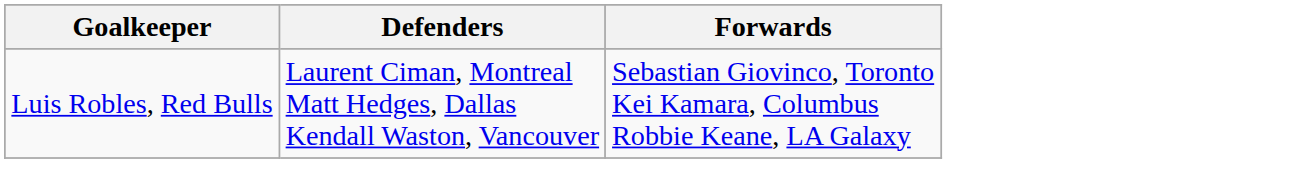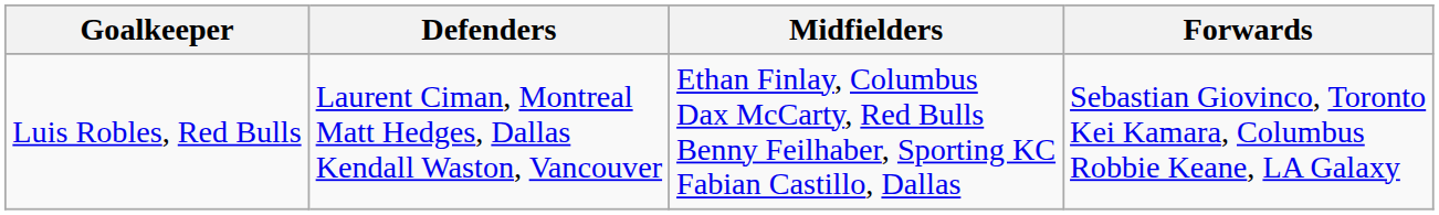 <table class="wikitable">
 <tr>
 <th>Goalkeeper</th>
 <th>Defenders</th>
+<th>Midfielders</th>
 <th>Forwards</th>
 </tr>
 <tr style="background:#f4f4f">
 <td> <a href='#'>Luis Robles</a>, <a href='#'>Red Bulls</a></td>
 <td> <a href='#'>Laurent Ciman</a>, <a href='#'>Montreal</a><br> <a href='#'>Matt Hedges</a>, <a href='#'>Dallas</a><br> <a href='#'>Kendall Waston</a>, <a href='#'>Vancouver</a></td>
+<td> <a href='#'>Ethan Finlay</a>, <a href='#'>Columbus</a><br> <a href='#'>Dax McCarty</a>, <a href='#'>Red Bulls</a><br> <a href='#'>Benny Feilhaber</a>, <a href='#'>Sporting KC</a><br> <a href='#'>Fabian Castillo</a>, <a href='#'>Dallas</a></td>
 <td> <a href='#'>Sebastian Giovinco</a>, <a href='#'>Toronto</a><br> <a href='#'>Kei Kamara</a>, <a href='#'>Columbus</a><br> <a href='#'>Robbie Keane</a>, <a href='#'>LA Galaxy</a></td>
 </tr>
 </table>
